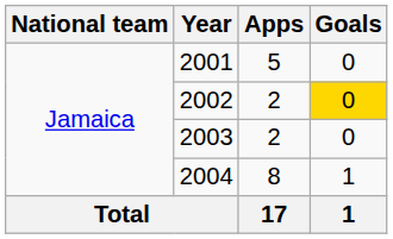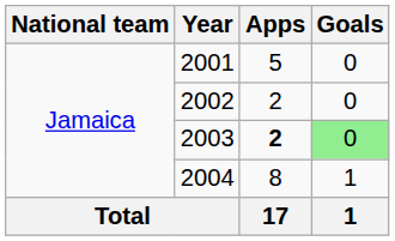 <table class=wikitable style="text-align: center;">
 <tr>
 <th>National team</th>
 <th>Year</th>
 <th>Apps</th>
 <th>Goals</th>
 </tr>
 <tr>
 <td rowspan="4" valign="center"><a href='#'>Jamaica</a></td>
 <td>2001</td>
 <td>5</td>
 <td>0</td>
 </tr>
 <tr>
 <td>2002</td>
 <td>2</td>
-<td style="background: gold;">0</td>
+<td>0</td>
 </tr>
 <tr>
 <td>2003</td>
-<td>2</td>
-<td>0</td>
+<td><strong>2</strong></td>
+<td style="background: lightgreen;">0</td>
 </tr>
 <tr>
 <td>2004</td>
 <td>8</td>
 <td>1</td>
 </tr>
 <tr>
 <th colspan="2">Total</th>
 <th>17</th>
 <th>1</th>
 </tr>
 </table>
